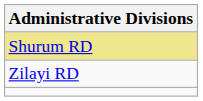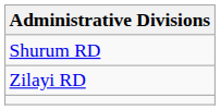 <table class="wikitable">
 <tr>
 <th>Administrative Divisions</th>
 </tr>
 <tr>
-<td style="background: khaki;"><a href='#'>Shurum RD</a></td>
+<td><a href='#'>Shurum RD</a></td>
 </tr>
 <tr>
 <td><a href='#'>Zilayi RD</a></td>
 </tr>
 <tr>
 <td colspan=1></td>
 </tr>
 </table>
